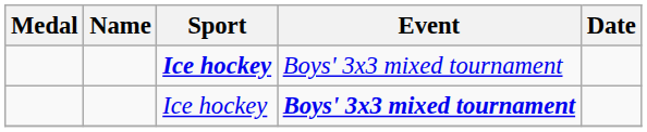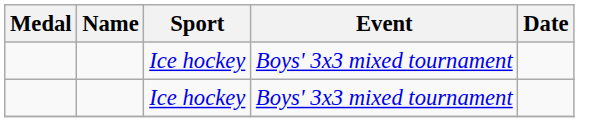 <table class="wikitable sortable" style="font-size: 95%">
 <tr>
 <th>Medal</th>
 <th>Name</th>
 <th>Sport</th>
 <th>Event</th>
 <th>Date</th>
 </tr>
 <tr>
 <td><em></em></td>
 <td><em></em></td>
-<td><strong><em><a href='#'>Ice hockey</a></em></strong></td>
+<td><em><a href='#'>Ice hockey</a></em></td>
 <td><em><a href='#'>Boys' 3x3 mixed tournament</a></em></td>
 <td><em></em></td>
 </tr>
 <tr>
 <td><em></em></td>
 <td><em></em></td>
 <td><em><a href='#'>Ice hockey</a></em></td>
-<td><strong><em><a href='#'>Boys' 3x3 mixed tournament</a></em></strong></td>
+<td><em><a href='#'>Boys' 3x3 mixed tournament</a></em></td>
 <td><em></em></td>
 </tr>
 <tr>
 </tr>
 </table>
